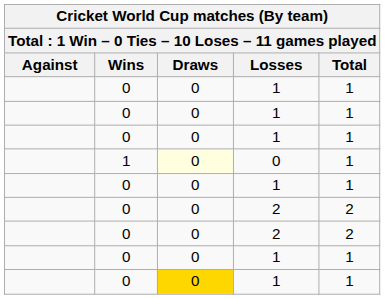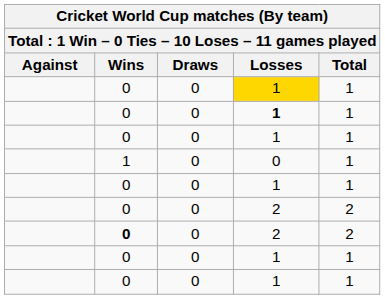 <table class="wikitable" style="text-align: center;">
 <tr>
 <th colspan=5>Cricket World Cup matches (By team)</th>
 </tr>
 <tr>
 <th colspan=5>Total : 1 Win – 0 Ties – 10 Loses – 11 games played</th>
 </tr>
 <tr>
 <th>Against</th>
 <th>Wins</th>
 <th>Draws</th>
 <th>Losses</th>
 <th>Total</th>
 </tr>
 <tr>
 <td></td>
 <td>0</td>
 <td>0</td>
-<td>1</td>
+<td style="background: gold;">1</td>
 <td>1</td>
 </tr>
 <tr>
 <td></td>
 <td>0</td>
 <td>0</td>
-<td>1</td>
+<td><strong>1</strong></td>
 <td>1</td>
 </tr>
 <tr>
 <td></td>
 <td>0</td>
 <td>0</td>
 <td>1</td>
 <td>1</td>
 </tr>
 <tr>
 <td></td>
 <td>1</td>
-<td style="background: lightyellow;">0</td>
+<td>0</td>
 <td>0</td>
 <td>1</td>
 </tr>
 <tr>
 <td></td>
 <td>0</td>
 <td>0</td>
 <td>1</td>
 <td>1</td>
 </tr>
 <tr>
 <td></td>
 <td>0</td>
 <td>0</td>
 <td>2</td>
 <td>2</td>
 </tr>
 <tr>
 <td></td>
-<td>0</td>
+<td><strong>0</strong></td>
 <td>0</td>
 <td>2</td>
 <td>2</td>
 </tr>
 <tr>
 <td></td>
 <td>0</td>
 <td>0</td>
 <td>1</td>
 <td>1</td>
 </tr>
 <tr>
 <td></td>
 <td>0</td>
-<td style="background: gold;">0</td>
+<td>0</td>
 <td>1</td>
 <td>1</td>
 </tr>
 </table>
